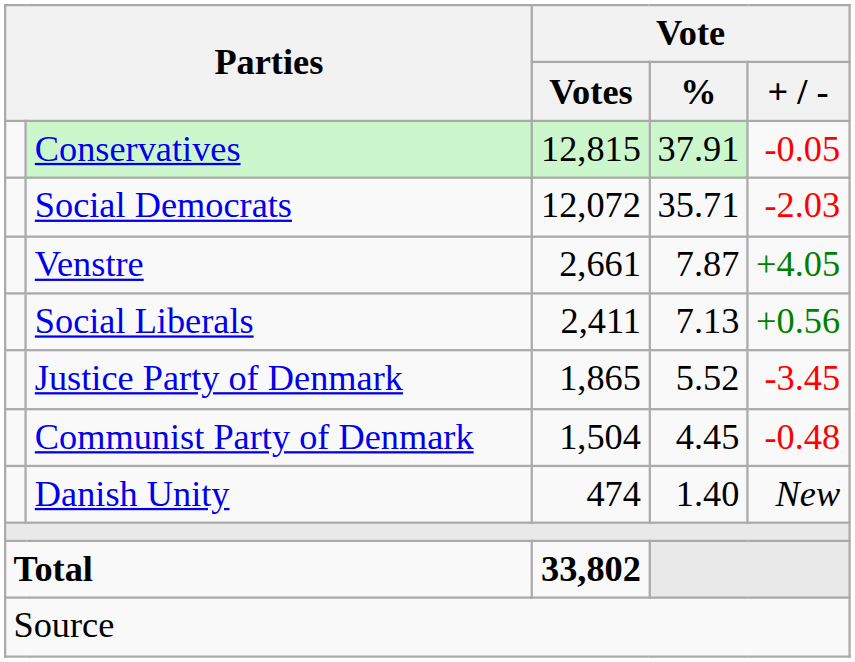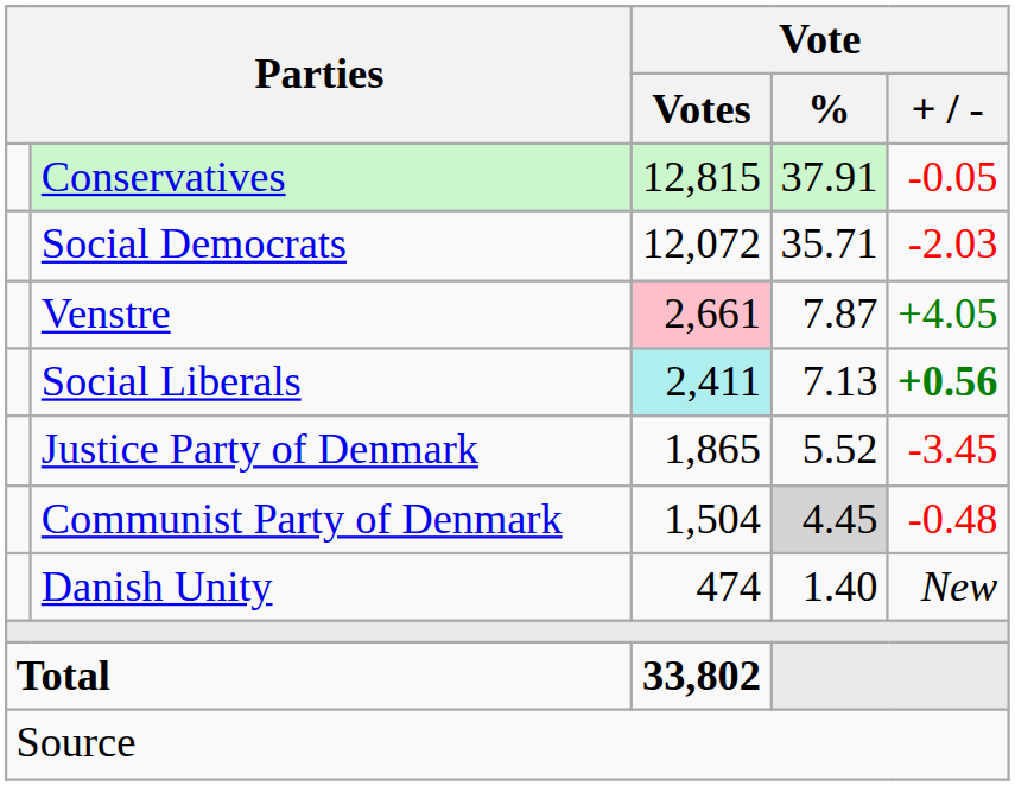 <table class="wikitable" style="text-align:right;">
 <tr>
 <th style="text-align:centre;" rowspan="2" colspan="2" width="225">Parties</th>
 <th colspan="3">Vote</th>
 </tr>
 <tr>
 <th width="15">Votes</th>
 <th width="15">%</th>
 <th width="15">+ / -</th>
 </tr>
 <tr>
 <td width="2" style="color:inherit;background:"></td>
 <td bgcolor=#ccf7cc  align="left"><a href='#'>Conservatives</a></td>
 <td bgcolor=#ccf7cc>12,815</td>
 <td bgcolor=#ccf7cc>37.91</td>
 <td style=color:red;>-0.05</td>
 </tr>
 <tr>
 <td width="2" style="color:inherit;background:"></td>
 <td align="left"><a href='#'>Social Democrats</a></td>
 <td>12,072</td>
 <td>35.71</td>
 <td style=color:red;>-2.03</td>
 </tr>
 <tr>
 <td width="2" style="color:inherit;background:"></td>
 <td align="left"><a href='#'>Venstre</a></td>
-<td>2,661</td>
+<td style="background: pink;">2,661</td>
 <td>7.87</td>
 <td style=color:green;>+4.05</td>
 </tr>
 <tr>
 <td width="2" style="color:inherit;background:"></td>
 <td align="left"><a href='#'>Social Liberals</a></td>
-<td>2,411</td>
+<td style="background: paleturquoise;">2,411</td>
 <td>7.13</td>
-<td style=color:green;>+0.56</td>
+<td style=color:green;><strong>+0.56</strong></td>
 </tr>
 <tr>
 <td width="2" style="color:inherit;background:"></td>
 <td align="left"><a href='#'>Justice Party of Denmark</a></td>
 <td>1,865</td>
 <td>5.52</td>
 <td style=color:red;>-3.45</td>
 </tr>
 <tr>
 <td width="2" style="color:inherit;background:"></td>
 <td align="left"><a href='#'>Communist Party of Denmark</a></td>
 <td>1,504</td>
-<td>4.45</td>
+<td style="background: lightgrey;">4.45</td>
 <td style=color:red;>-0.48</td>
 </tr>
 <tr>
 <td width="2" style="color:inherit;background:"></td>
 <td align="left"><a href='#'>Danish Unity</a></td>
 <td>474</td>
 <td>1.40</td>
 <td><em>New</em></td>
 </tr>
 <tr>
 <td colspan="7" bgcolor="#E9E9E9"></td>
 </tr>
 <tr>
 <td align="left" colspan="2"><strong>Total</strong></td>
 <td><strong>33,802</strong></td>
 <td bgcolor="#E9E9E9" colspan="2"></td>
 </tr>
 <tr>
 <td align="left" colspan="6">Source</td>
 </tr>
 </table>
